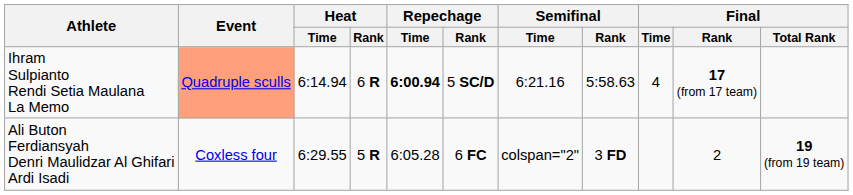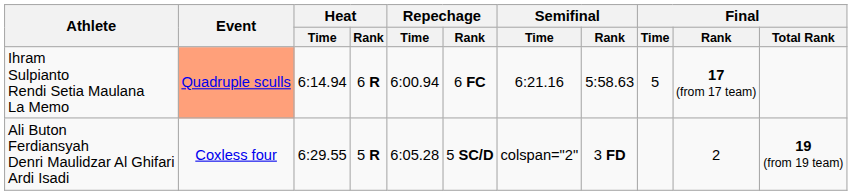 <table class=wikitable style="font-size:85%; text-align:center">
 <tr>
 <th rowspan=2>Athlete</th>
 <th rowspan=2>Event</th>
 <th colspan=2>Heat</th>
 <th colspan=2>Repechage</th>
 <th colspan=2>Semifinal</th>
 <th colspan=3>Final</th>
 </tr>
 <tr style=font-size:85%>
 <th>Time</th>
 <th>Rank</th>
 <th>Time</th>
 <th>Rank</th>
 <th>Time</th>
 <th>Rank</th>
 <th>Time</th>
 <th>Rank</th>
 <th>Total Rank</th>
 </tr>
 <tr>
 <td align=left>Ihram<br>Sulpianto<br>Rendi Setia Maulana<br>La Memo</td>
 <td align=center style="background: lightsalmon;"><a href='#'>Quadruple sculls</a></td>
 <td>6:14.94</td>
 <td>6 <strong>R</strong></td>
-<td><strong>6:00.94</strong></td>
-<td>5 <strong>SC/D</strong></td>
+<td>6:00.94</td>
+<td>6 <strong>FC</strong></td>
 <td>6:21.16</td>
 <td>5:58.63</td>
-<td>4</td>
+<td>5</td>
 <td><strong>17</strong> <br><small>(from 17 team)</small></td>
 </tr>
 <tr>
 <td align=left>Ali Buton<br>Ferdiansyah<br>Denri Maulidzar Al Ghifari<br>Ardi Isadi</td>
 <td align=center><a href='#'>Coxless four</a></td>
 <td>6:29.55</td>
 <td>5 <strong>R</strong></td>
 <td>6:05.28</td>
-<td>6 <strong>FC</strong></td>
+<td>5 <strong>SC/D</strong></td>
 <td>colspan="2" </td>
 <td>3 <strong>FD </strong></td>
 <td></td>
 <td>2</td>
 <td><strong>19</strong> <br><small>(from 19 team)</small></td>
 </tr>
 </table>
